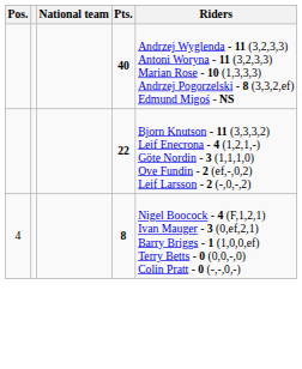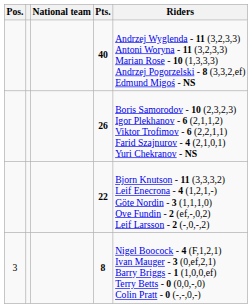 <table class=wikitable style="font-size:93%;">
 <tr>
 <th>Pos.</th>
 <th></th>
 <th>National team</th>
 <th>Pts.</th>
 <th>Riders</th>
 </tr>
 <tr align=center >
 <td></td>
 <td></td>
 <td align=left></td>
 <td><strong>40</strong></td>
 <td align=left><br><a href='#'>Andrzej Wyglenda</a> - <strong>11</strong> (3,2,3,3)<br> <a href='#'>Antoni Woryna</a> - <strong>11</strong> (3,2,3,3)<br> <a href='#'>Marian Rose</a> - <strong>10</strong> (1,3,3,3)<br> <a href='#'>Andrzej Pogorzelski</a> - <strong>8</strong> (3,3,2,ef)<br> <a href='#'>Edmund Migoś</a> - <strong>NS</strong></td>
 </tr>
 <tr align=center >
 <td></td>
 <td></td>
 <td align=left></td>
+<td><strong>26</strong></td>
+<td align=left><br><a href='#'>Boris Samorodov</a> - <strong>10</strong> (2,3,2,3)<br> <a href='#'>Igor Plekhanov</a> - <strong>6</strong> (2,1,1,2)<br> <a href='#'>Viktor Trofimov</a> - <strong>6</strong> (2,2,1,1)<br> <a href='#'>Farid Szajnurov</a> - <strong>4</strong> (2,1,0,1)<br> <a href='#'>Yuri Chekranov</a> - <strong>NS</strong></td>
+</tr>
+<tr align=center >
+<td></td>
+<td></td>
+<td align=left></td>
 <td><strong>22</strong></td>
 <td align=left><br><a href='#'>Bjorn Knutson</a> - <strong>11</strong> (3,3,3,2)<br> <a href='#'>Leif Enecrona</a> - <strong>4</strong> (1,2,1,-) <br> <a href='#'>Göte Nordin</a> - <strong>3</strong> (1,1,1,0) <br> <a href='#'>Ove Fundin</a> - <strong>2</strong> (ef,-,0,2) <br> <a href='#'>Leif Larsson</a> - <strong>2</strong> (-,0,-,2) <br></td>
 </tr>
 <tr align=center>
-<td>4</td>
+<td>3</td>
 <td></td>
 <td align=left></td>
 <td><strong>8</strong></td>
 <td align=left><br><a href='#'>Nigel Boocock</a> - <strong>4</strong> (F,1,2,1)<br> <a href='#'>Ivan Mauger</a> - <strong>3</strong> (0,ef,2,1)<br> <a href='#'>Barry Briggs</a> - <strong>1</strong> (1,0,0,ef)<br> <a href='#'>Terry Betts</a> - <strong>0</strong> (0,0,-,0)<br> <a href='#'>Colin Pratt</a> - <strong>0</strong> (-,-,0,-)<br></td>
 </tr>
 </table>
